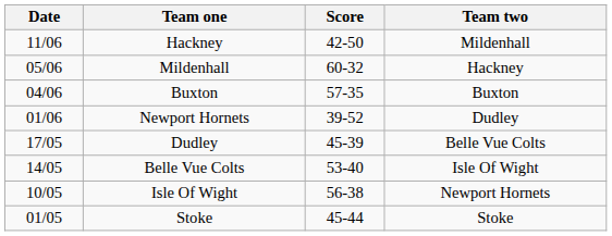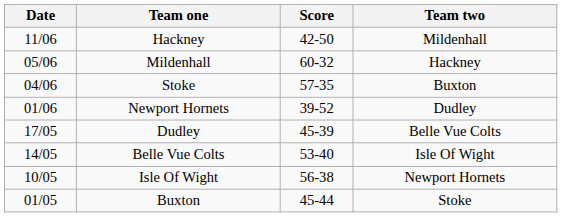 <table class="wikitable" style="text-align: center">
 <tr>
 <th width=80>Date</th>
 <th width=250>Team one</th>
 <th width=80>Score</th>
 <th width=250>Team two</th>
 </tr>
 <tr>
 <td>11/06</td>
 <td>Hackney</td>
 <td>42-50</td>
 <td>Mildenhall</td>
 </tr>
 <tr>
 <td>05/06</td>
 <td>Mildenhall</td>
 <td>60-32</td>
 <td>Hackney</td>
 </tr>
 <tr>
 <td>04/06</td>
-<td>Buxton</td>
+<td>Stoke</td>
 <td>57-35</td>
 <td>Buxton</td>
 </tr>
 <tr>
 <td>01/06</td>
 <td>Newport Hornets</td>
 <td>39-52</td>
 <td>Dudley</td>
 </tr>
 <tr>
 <td>17/05</td>
 <td>Dudley</td>
 <td>45-39</td>
 <td>Belle Vue Colts</td>
 </tr>
 <tr>
 <td>14/05</td>
 <td>Belle Vue Colts</td>
 <td>53-40</td>
 <td>Isle Of Wight</td>
 </tr>
 <tr>
 <td>10/05</td>
 <td>Isle Of Wight</td>
 <td>56-38</td>
 <td>Newport Hornets</td>
 </tr>
 <tr>
 <td>01/05</td>
-<td>Stoke</td>
+<td>Buxton</td>
 <td>45-44</td>
 <td>Stoke</td>
 </tr>
 </table>
